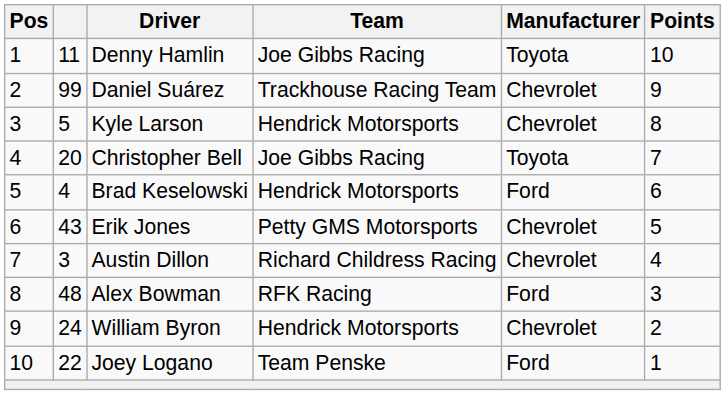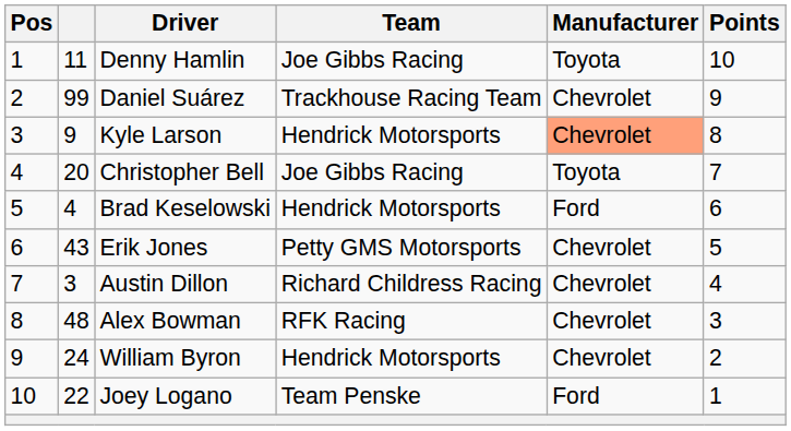 <table class="wikitable" style="font-size:98%">
 <tr>
 <th>Pos</th>
 <th></th>
 <th>Driver</th>
 <th>Team</th>
 <th>Manufacturer</th>
 <th>Points</th>
 </tr>
 <tr>
 <td>1</td>
 <td>11</td>
 <td>Denny Hamlin</td>
 <td>Joe Gibbs Racing</td>
 <td>Toyota</td>
 <td>10</td>
 </tr>
 <tr>
 <td>2</td>
 <td>99</td>
 <td>Daniel Suárez</td>
 <td>Trackhouse Racing Team</td>
 <td>Chevrolet</td>
 <td>9</td>
 </tr>
 <tr>
 <td>3</td>
-<td>5</td>
+<td>9</td>
 <td>Kyle Larson</td>
 <td>Hendrick Motorsports</td>
-<td>Chevrolet</td>
+<td style="background: lightsalmon;">Chevrolet</td>
 <td>8</td>
 </tr>
 <tr>
 <td>4</td>
 <td>20</td>
 <td>Christopher Bell</td>
 <td>Joe Gibbs Racing</td>
 <td>Toyota</td>
 <td>7</td>
 </tr>
 <tr>
 <td>5</td>
 <td>4</td>
 <td>Brad Keselowski</td>
 <td>Hendrick Motorsports</td>
 <td>Ford</td>
 <td>6</td>
 </tr>
 <tr>
 <td>6</td>
 <td>43</td>
 <td>Erik Jones</td>
 <td>Petty GMS Motorsports</td>
 <td>Chevrolet</td>
 <td>5</td>
 </tr>
 <tr>
 <td>7</td>
 <td>3</td>
 <td>Austin Dillon</td>
 <td>Richard Childress Racing</td>
 <td>Chevrolet</td>
 <td>4</td>
 </tr>
 <tr>
 <td>8</td>
 <td>48</td>
 <td>Alex Bowman</td>
 <td>RFK Racing</td>
-<td>Ford</td>
+<td>Chevrolet</td>
 <td>3</td>
 </tr>
 <tr>
 <td>9</td>
 <td>24</td>
 <td>William Byron</td>
 <td>Hendrick Motorsports</td>
 <td>Chevrolet</td>
 <td>2</td>
 </tr>
 <tr>
 <td>10</td>
 <td>22</td>
 <td>Joey Logano</td>
 <td>Team Penske</td>
 <td>Ford</td>
 <td>1</td>
 </tr>
 <tr>
 <th colspan="6"></th>
 </tr>
 </table>
